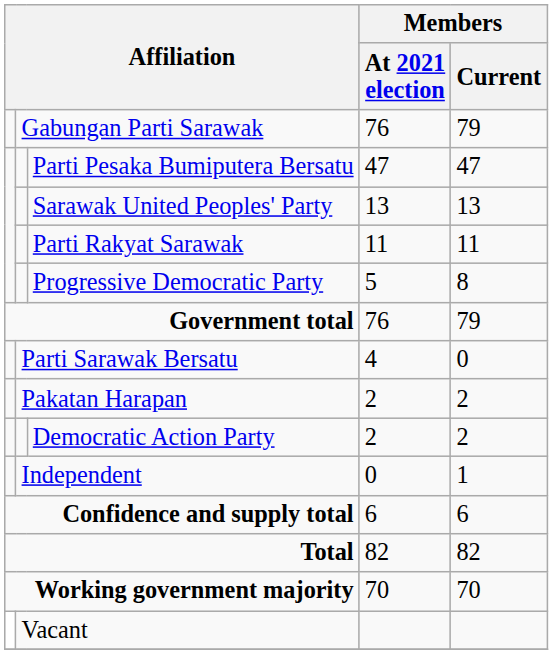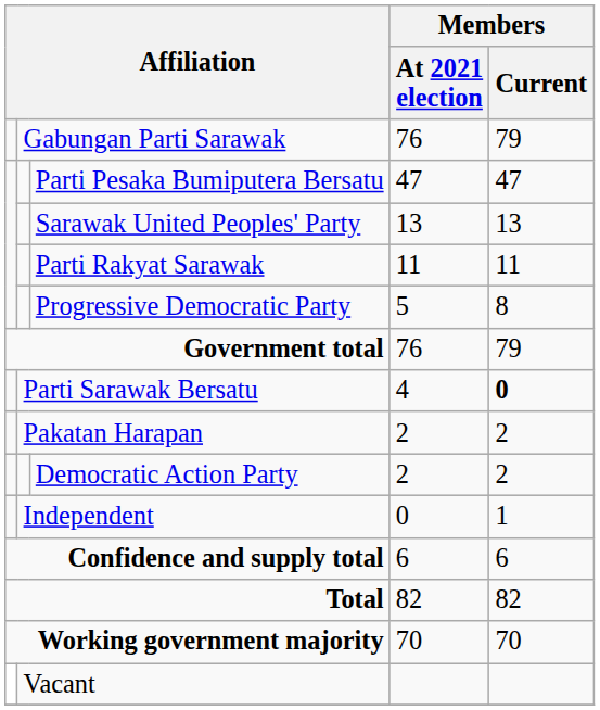 <table class="wikitable">
 <tr>
 <th colspan="3" rowspan="2" style="vertical-align:middle; ">Affiliation</th>
 <th colspan="2" style="vertical-align:top;">Members</th>
 </tr>
 <tr>
 <th>At <a href='#'>2021<br>election</a></th>
 <th>Current</th>
 </tr>
 <tr>
 <td style="background:"></td>
 <td colspan="2"><a href='#'>Gabungan Parti Sarawak</a></td>
 <td>76</td>
 <td>79</td>
 </tr>
 <tr>
 <td rowspan="4"></td>
 <td style="background:"></td>
 <td><a href='#'>Parti Pesaka Bumiputera Bersatu</a></td>
 <td>47</td>
 <td>47</td>
 </tr>
 <tr>
 <td style="background:"></td>
 <td><a href='#'>Sarawak United Peoples' Party</a></td>
 <td>13</td>
 <td>13</td>
 </tr>
 <tr>
 <td style="background:"></td>
 <td><a href='#'>Parti Rakyat Sarawak</a></td>
 <td>11</td>
 <td>11</td>
 </tr>
 <tr>
 <td style="background:"></td>
 <td><a href='#'>Progressive Democratic Party</a></td>
 <td>5</td>
 <td>8</td>
 </tr>
 <tr>
 <td colspan="3" style="text-align:right; "><strong>Government total</strong></td>
 <td>76</td>
 <td>79</td>
 </tr>
 <tr>
 <td style="background:"></td>
 <td colspan="2"><a href='#'>Parti Sarawak Bersatu</a></td>
 <td>4</td>
-<td>0</td>
+<td><strong>0</strong></td>
 </tr>
 <tr>
 <td style="background:"></td>
 <td colspan="2"><a href='#'>Pakatan Harapan</a></td>
 <td>2</td>
 <td>2</td>
 </tr>
 <tr>
 <td></td>
 <td style="background:"></td>
 <td><a href='#'>Democratic Action Party</a></td>
 <td>2</td>
 <td>2</td>
 </tr>
 <tr>
 <td style="background:"></td>
 <td colspan="2"><a href='#'>Independent</a></td>
 <td>0</td>
 <td>1</td>
 </tr>
 <tr>
 <td colspan="3" style="text-align:right; "><strong>Confidence and supply total</strong></td>
 <td>6</td>
 <td>6</td>
 </tr>
 <tr>
 <td colspan="3" style="text-align:right; "><strong>Total</strong></td>
 <td>82</td>
 <td>82</td>
 </tr>
 <tr>
 <td colspan="3" style="text-align:right; "><strong>Working government majority</strong></td>
 <td>70</td>
 <td>70</td>
 </tr>
 <tr>
 <td style="background:white;"></td>
 <td colspan="2">Vacant</td>
 <td></td>
 <td></td>
 </tr>
 <tr>
 </tr>
 </table>
